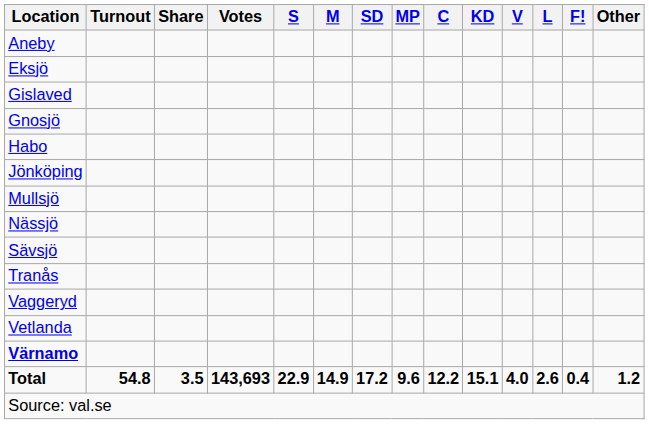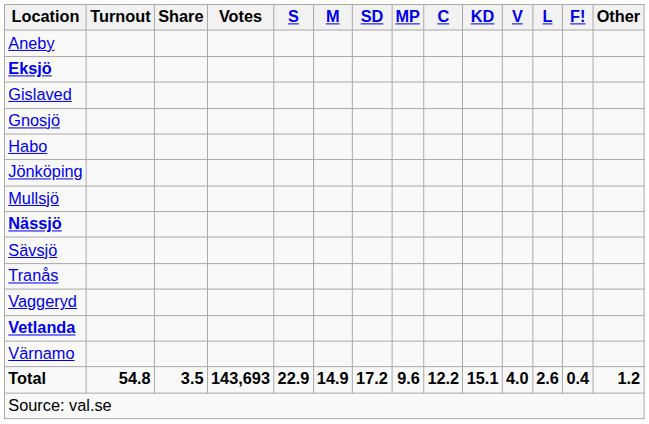 <table class="wikitable sortable" style=text-align:right>
 <tr>
 <th>Location</th>
 <th>Turnout</th>
 <th>Share</th>
 <th>Votes</th>
 <th><a href='#'>S</a></th>
 <th><a href='#'>M</a></th>
 <th><a href='#'>SD</a></th>
 <th><a href='#'>MP</a></th>
 <th><a href='#'>C</a></th>
 <th><a href='#'>KD</a></th>
 <th><a href='#'>V</a></th>
 <th><a href='#'>L</a></th>
 <th><a href='#'>F!</a></th>
 <th>Other</th>
 </tr>
 <tr>
 <td align=left><a href='#'>Aneby</a></td>
 <td></td>
 <td></td>
 <td></td>
 <td></td>
 <td></td>
 <td></td>
 <td></td>
 <td></td>
 <td></td>
 <td></td>
 <td></td>
 <td></td>
 <td></td>
 </tr>
 <tr>
-<td align=left><a href='#'>Eksjö</a></td>
+<td align=left><strong><a href='#'>Eksjö</a></strong></td>
 <td></td>
 <td></td>
 <td></td>
 <td></td>
 <td></td>
 <td></td>
 <td></td>
 <td></td>
 <td></td>
 <td></td>
 <td></td>
 <td></td>
 <td></td>
 </tr>
 <tr>
 <td align=left><a href='#'>Gislaved</a></td>
 <td></td>
 <td></td>
 <td></td>
 <td></td>
 <td></td>
 <td></td>
 <td></td>
 <td></td>
 <td></td>
 <td></td>
 <td></td>
 <td></td>
 <td></td>
 </tr>
 <tr>
 <td align=left><a href='#'>Gnosjö</a></td>
 <td></td>
 <td></td>
 <td></td>
 <td></td>
 <td></td>
 <td></td>
 <td></td>
 <td></td>
 <td></td>
 <td></td>
 <td></td>
 <td></td>
 <td></td>
 </tr>
 <tr>
 <td align=left><a href='#'>Habo</a></td>
 <td></td>
 <td></td>
 <td></td>
 <td></td>
 <td></td>
 <td></td>
 <td></td>
 <td></td>
 <td></td>
 <td></td>
 <td></td>
 <td></td>
 <td></td>
 </tr>
 <tr>
 <td align=left><a href='#'>Jönköping</a></td>
 <td></td>
 <td></td>
 <td></td>
 <td></td>
 <td></td>
 <td></td>
 <td></td>
 <td></td>
 <td></td>
 <td></td>
 <td></td>
 <td></td>
 <td></td>
 </tr>
 <tr>
 <td align=left><a href='#'>Mullsjö</a></td>
 <td></td>
 <td></td>
 <td></td>
 <td></td>
 <td></td>
 <td></td>
 <td></td>
 <td></td>
 <td></td>
 <td></td>
 <td></td>
 <td></td>
 <td></td>
 </tr>
 <tr>
-<td align=left><a href='#'>Nässjö</a></td>
+<td align=left><strong><a href='#'>Nässjö</a></strong></td>
 <td></td>
 <td></td>
 <td></td>
 <td></td>
 <td></td>
 <td></td>
 <td></td>
 <td></td>
 <td></td>
 <td></td>
 <td></td>
 <td></td>
 <td></td>
 </tr>
 <tr>
 <td align=left><a href='#'>Sävsjö</a></td>
 <td></td>
 <td></td>
 <td></td>
 <td></td>
 <td></td>
 <td></td>
 <td></td>
 <td></td>
 <td></td>
 <td></td>
 <td></td>
 <td></td>
 <td></td>
 </tr>
 <tr>
 <td align=left><a href='#'>Tranås</a></td>
 <td></td>
 <td></td>
 <td></td>
 <td></td>
 <td></td>
 <td></td>
 <td></td>
 <td></td>
 <td></td>
 <td></td>
 <td></td>
 <td></td>
 <td></td>
 </tr>
 <tr>
 <td align=left><a href='#'>Vaggeryd</a></td>
 <td></td>
 <td></td>
 <td></td>
 <td></td>
 <td></td>
 <td></td>
 <td></td>
 <td></td>
 <td></td>
 <td></td>
 <td></td>
 <td></td>
 <td></td>
 </tr>
 <tr>
-<td align=left><a href='#'>Vetlanda</a></td>
+<td align=left><strong><a href='#'>Vetlanda</a></strong></td>
 <td></td>
 <td></td>
 <td></td>
 <td></td>
 <td></td>
 <td></td>
 <td></td>
 <td></td>
 <td></td>
 <td></td>
 <td></td>
 <td></td>
 <td></td>
 </tr>
 <tr>
-<td align=left><strong><a href='#'>Värnamo</a></strong></td>
+<td align=left><a href='#'>Värnamo</a></td>
 <td></td>
 <td></td>
 <td></td>
 <td></td>
 <td></td>
 <td></td>
 <td></td>
 <td></td>
 <td></td>
 <td></td>
 <td></td>
 <td></td>
 <td></td>
 </tr>
 <tr>
 <td align=left><strong>Total</strong></td>
 <td><strong>54.8</strong></td>
 <td><strong>3.5</strong></td>
 <td><strong>143,693</strong></td>
 <td><strong>22.9</strong></td>
 <td><strong>14.9</strong></td>
 <td><strong>17.2</strong></td>
 <td><strong>9.6</strong></td>
 <td><strong>12.2</strong></td>
 <td><strong>15.1</strong></td>
 <td><strong>4.0</strong></td>
 <td><strong>2.6</strong></td>
 <td><strong>0.4</strong></td>
 <td><strong>1.2</strong></td>
 </tr>
 <tr>
 <td align=left colspan=14>Source: val.se </td>
 </tr>
 </table>
